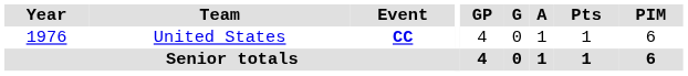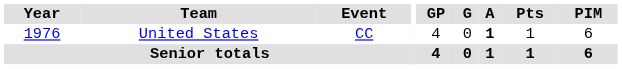 <table border="0" cellpadding="1" cellspacing="0" ID="Table3" style="text-align:center; width:40em">
 <tr bgcolor="#e0e0e0">
 <th>Year</th>
 <th>Team</th>
 <th>Event</th>
 <th rowspan="102" bgcolor="#ffffff"></th>
 <th>GP</th>
 <th>G</th>
 <th>A</th>
 <th>Pts</th>
 <th>PIM</th>
 </tr>
 <tr>
 <td><a href='#'>1976</a></td>
 <td><a href='#'>United States</a></td>
-<td><strong><a href='#'>CC</a></strong></td>
+<td><a href='#'>CC</a></td>
 <td>4</td>
 <td>0</td>
-<td>1</td>
+<td><strong>1</strong></td>
 <td>1</td>
 <td>6</td>
 </tr>
 <tr bgcolor="#e0e0e0">
 <th colspan="4">Senior totals</th>
 <th>4</th>
 <th>0</th>
 <th>1</th>
 <th>1</th>
 <th>6</th>
 </tr>
 </table>
